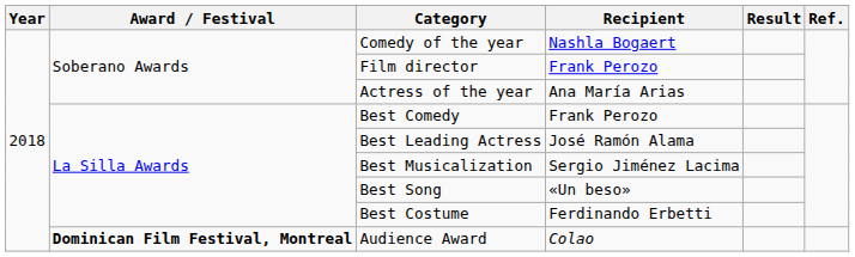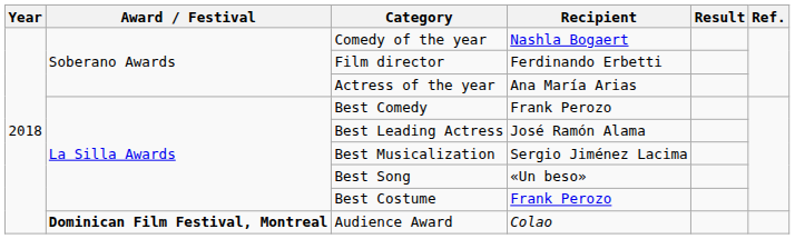 <table class="wikitable">
 <tr>
 <th>Year</th>
 <th>Award / Festival</th>
 <th>Category</th>
 <th>Recipient</th>
 <th>Result</th>
 <th>Ref.</th>
 </tr>
 <tr>
 <td rowspan="9">2018</td>
 <td rowspan="3">Soberano Awards</td>
 <td>Comedy of the year</td>
 <td><a href='#'>Nashla Bogaert</a></td>
 <td></td>
 <td rowspan="3"></td>
 </tr>
 <tr>
 <td>Film director</td>
-<td><a href='#'>Frank Perozo</a></td>
+<td>Ferdinando Erbetti</td>
 <td></td>
 </tr>
 <tr>
 <td>Actress of the year</td>
 <td>Ana María Arias</td>
 <td></td>
 </tr>
 <tr>
 <td rowspan="5"><a href='#'>La Silla Awards</a></td>
 <td>Best Comedy</td>
 <td>Frank Perozo</td>
 <td></td>
 <td rowspan="5"></td>
 </tr>
 <tr>
 <td>Best Leading Actress</td>
 <td>José Ramón Alama</td>
 <td></td>
 </tr>
 <tr>
 <td>Best Musicalization</td>
 <td>Sergio Jiménez Lacima</td>
 <td></td>
 </tr>
 <tr>
 <td>Best Song</td>
 <td>«Un beso»</td>
 <td></td>
 </tr>
 <tr>
 <td>Best Costume</td>
-<td>Ferdinando Erbetti</td>
+<td><a href='#'>Frank Perozo</a></td>
 <td></td>
 </tr>
 <tr>
 <td><strong>Dominican Film Festival, Montreal</strong></td>
 <td>Audience Award</td>
 <td><em>Colao</em></td>
 <td></td>
 <td></td>
 </tr>
 </table>
